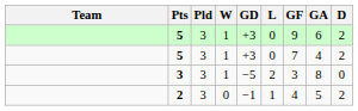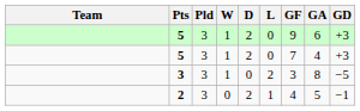 <table class=wikitable style="text-align:center">
 <tr>
 <th width=200>Team</th>
 <th width=20>Pts</th>
 <th width=20>Pld</th>
 <th width=20>W</th>
-<th width=20>GD</th>
+<th width=20>D</th>
 <th width=20>L</th>
 <th width=20>GF</th>
 <th width=20>GA</th>
-<th width=20>D</th>
+<th width=20>GD</th>
 </tr>
 <tr style="background:#cfc;">
 <td align="left"></td>
 <td><strong>5</strong></td>
 <td>3</td>
 <td>1</td>
-<td>+3</td>
+<td>2</td>
 <td>0</td>
 <td>9</td>
 <td>6</td>
-<td>2</td>
+<td>+3</td>
 </tr>
 <tr>
 <td align="left"></td>
 <td><strong>5</strong></td>
 <td>3</td>
 <td>1</td>
-<td>+3</td>
+<td>2</td>
 <td>0</td>
 <td>7</td>
 <td>4</td>
-<td>2</td>
+<td>+3</td>
 </tr>
 <tr>
 <td align="left"></td>
 <td><strong>3</strong></td>
 <td>3</td>
 <td>1</td>
-<td>−5</td>
+<td>0</td>
 <td>2</td>
 <td>3</td>
 <td>8</td>
-<td>0</td>
+<td>−5</td>
 </tr>
 <tr>
 <td align="left"></td>
 <td><strong>2</strong></td>
 <td>3</td>
 <td>0</td>
-<td>−1</td>
+<td>2</td>
 <td>1</td>
 <td>4</td>
 <td>5</td>
-<td>2</td>
+<td>−1</td>
 </tr>
 </table>
